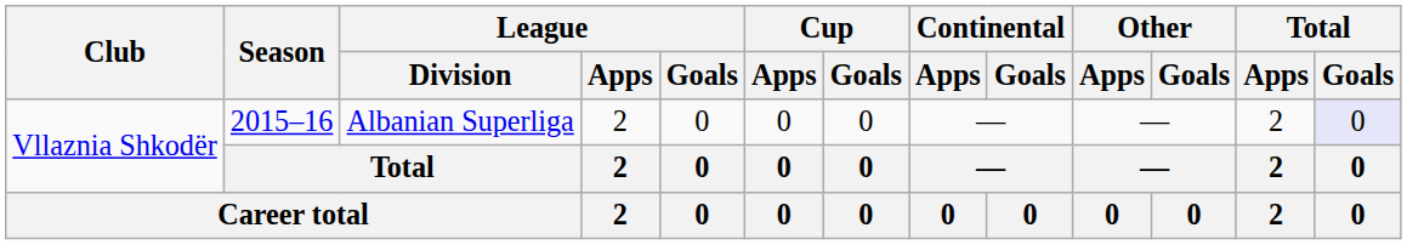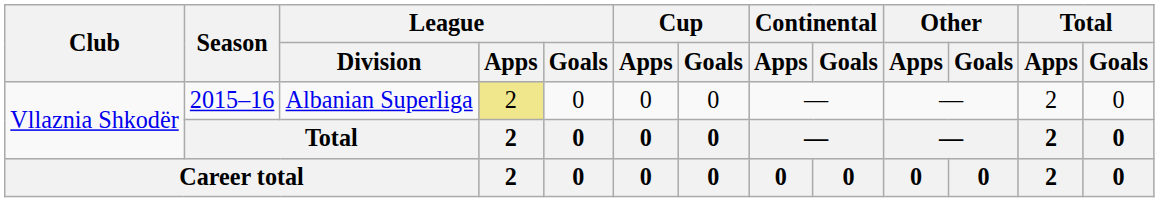 <table class="wikitable" style="text-align:center">
 <tr>
 <th rowspan="2">Club</th>
 <th rowspan="2">Season</th>
 <th colspan="3">League</th>
 <th colspan="2">Cup</th>
 <th colspan="2">Continental</th>
 <th colspan="2">Other</th>
 <th colspan="2">Total</th>
 </tr>
 <tr>
 <th>Division</th>
 <th>Apps</th>
 <th>Goals</th>
 <th>Apps</th>
 <th>Goals</th>
 <th>Apps</th>
 <th>Goals</th>
 <th>Apps</th>
 <th>Goals</th>
 <th>Apps</th>
 <th>Goals</th>
 </tr>
 <tr>
 <td rowspan="2"><a href='#'>Vllaznia Shkodër</a></td>
 <td><a href='#'>2015–16</a></td>
 <td rowspan="1"><a href='#'>Albanian Superliga</a></td>
-<td>2</td>
+<td style="background: khaki;">2</td>
 <td>0</td>
 <td>0</td>
 <td>0</td>
 <td colspan="2">—</td>
 <td colspan="2">—</td>
 <td>2</td>
-<td style="background: lavender;">0</td>
+<td>0</td>
 </tr>
 <tr>
 <th colspan="2">Total</th>
 <th>2</th>
 <th>0</th>
 <th>0</th>
 <th>0</th>
 <th colspan="2">—</th>
 <th colspan="2">—</th>
 <th>2</th>
 <th>0</th>
 </tr>
 <tr>
 <th colspan="3">Career total</th>
 <th>2</th>
 <th>0</th>
 <th>0</th>
 <th>0</th>
 <th>0</th>
 <th>0</th>
 <th>0</th>
 <th>0</th>
 <th>2</th>
 <th>0</th>
 </tr>
 </table>
